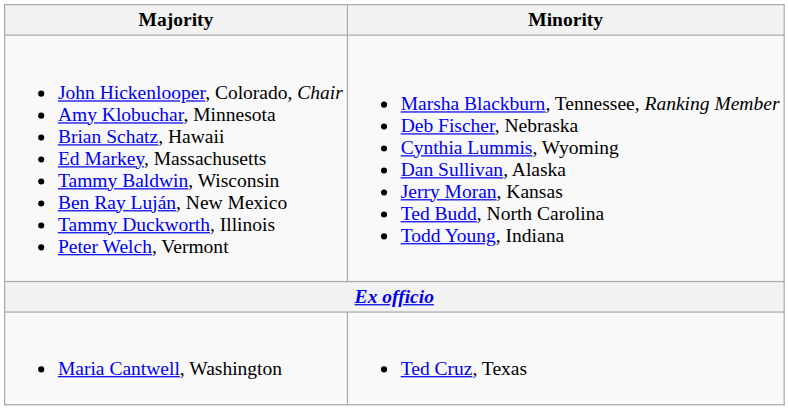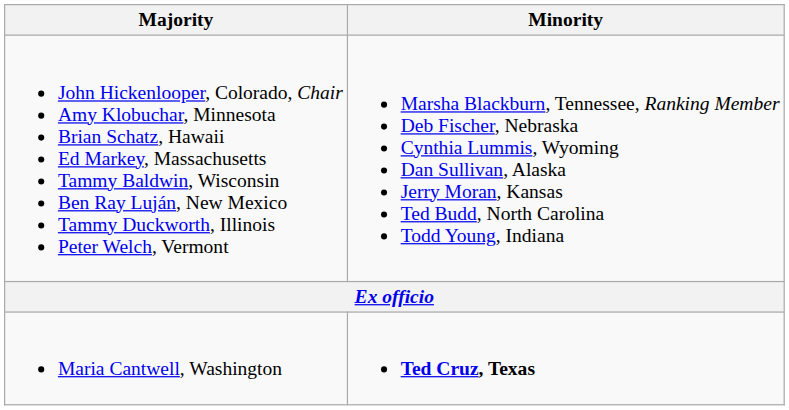 <table class=wikitable>
 <tr>
 <th>Majority</th>
 <th>Minority</th>
 </tr>
 <tr>
 <td><br><ul><li><a href='#'>John Hickenlooper</a>, Colorado, <em>Chair</em></li><li><a href='#'>Amy Klobuchar</a>, Minnesota</li><li><a href='#'>Brian Schatz</a>, Hawaii</li><li><a href='#'>Ed Markey</a>, Massachusetts</li><li><a href='#'>Tammy Baldwin</a>, Wisconsin</li><li><a href='#'>Ben Ray Luján</a>, New Mexico</li><li><a href='#'>Tammy Duckworth</a>, Illinois</li><li><a href='#'>Peter Welch</a>, Vermont</li></ul></td>
 <td><br><ul><li><a href='#'>Marsha Blackburn</a>, Tennessee, <em>Ranking Member</em></li><li><a href='#'>Deb Fischer</a>, Nebraska</li><li><a href='#'>Cynthia Lummis</a>, Wyoming</li><li><a href='#'>Dan Sullivan</a>, Alaska</li><li><a href='#'>Jerry Moran</a>, Kansas</li><li><a href='#'>Ted Budd</a>, North Carolina</li><li><a href='#'>Todd Young</a>, Indiana</li></ul></td>
 </tr>
 <tr>
 <th colspan=2><em><a href='#'>Ex officio</a></em></th>
 </tr>
 <tr>
 <td><br><ul><li><a href='#'>Maria Cantwell</a>, Washington</li></ul></td>
-<td><br><ul><li><a href='#'>Ted Cruz</a>, Texas</li></ul></td>
+<td><strong><br><ul><li><a href='#'>Ted Cruz</a>, Texas</li></ul></strong></td>
 </tr>
 </table>
